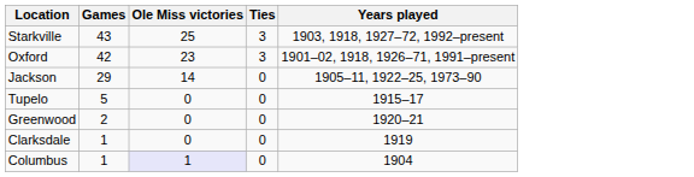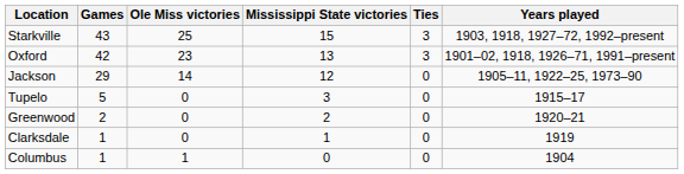 <table class="sortable wikitable" style="text-align:center">
 <tr>
 <th>Location</th>
 <th>Games</th>
 <th>Ole Miss victories</th>
+<th>Mississippi State victories</th>
 <th>Ties</th>
 <th>Years played</th>
 </tr>
 <tr>
 <td align="left">Starkville</td>
 <td>43</td>
 <td>25</td>
+<td>15</td>
 <td>3</td>
 <td>1903, 1918, 1927–72, 1992–present</td>
 </tr>
 <tr>
 <td align="left">Oxford</td>
 <td>42</td>
 <td>23</td>
+<td>13</td>
 <td>3</td>
 <td>1901–02, 1918, 1926–71, 1991–present</td>
 </tr>
 <tr>
 <td align="left">Jackson</td>
 <td>29</td>
 <td>14</td>
+<td>12</td>
 <td>0</td>
 <td>1905–11, 1922–25, 1973–90</td>
 </tr>
 <tr>
 <td align="left">Tupelo</td>
 <td>5</td>
 <td>0</td>
+<td>3</td>
 <td>0</td>
 <td>1915–17</td>
 </tr>
 <tr>
 <td align="left">Greenwood</td>
 <td>2</td>
 <td>0</td>
+<td>2</td>
 <td>0</td>
 <td>1920–21</td>
 </tr>
 <tr>
 <td align="left">Clarksdale</td>
 <td>1</td>
 <td>0</td>
+<td>1</td>
 <td>0</td>
 <td>1919</td>
 </tr>
 <tr>
 <td align="left">Columbus</td>
 <td>1</td>
-<td style="background: lavender;">1</td>
+<td>1</td>
+<td>0</td>
 <td>0</td>
 <td>1904</td>
 </tr>
 </table>
